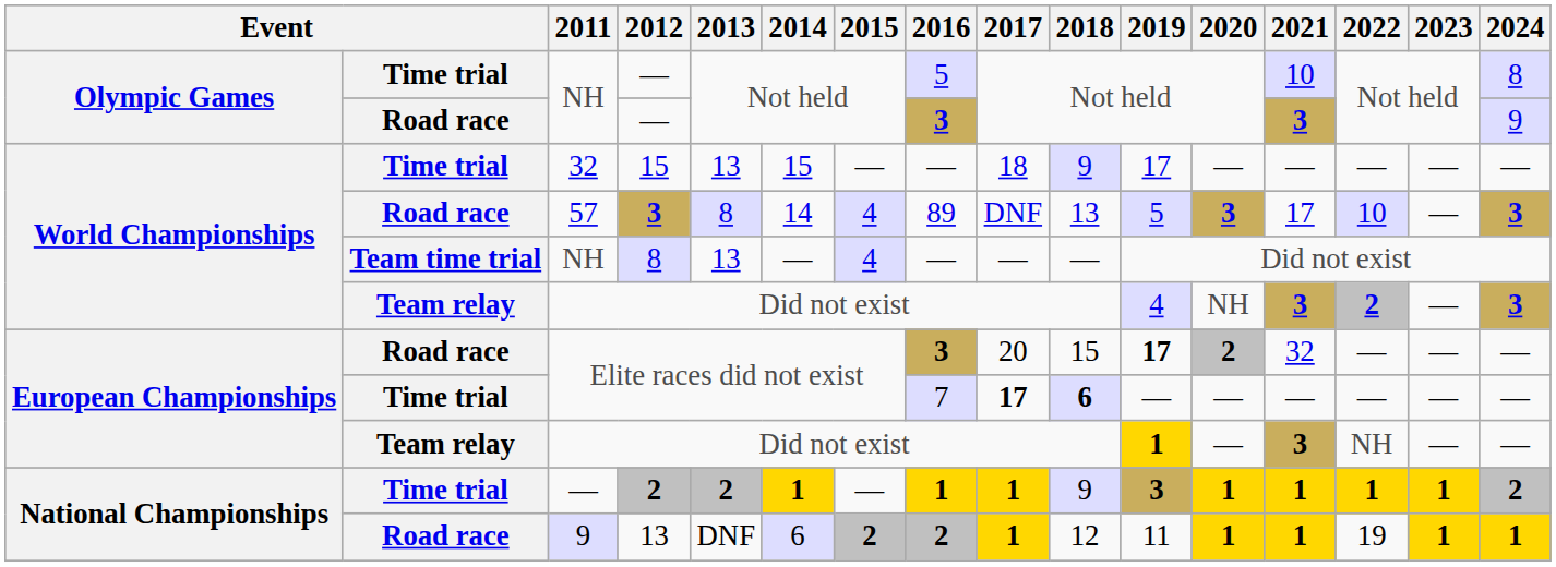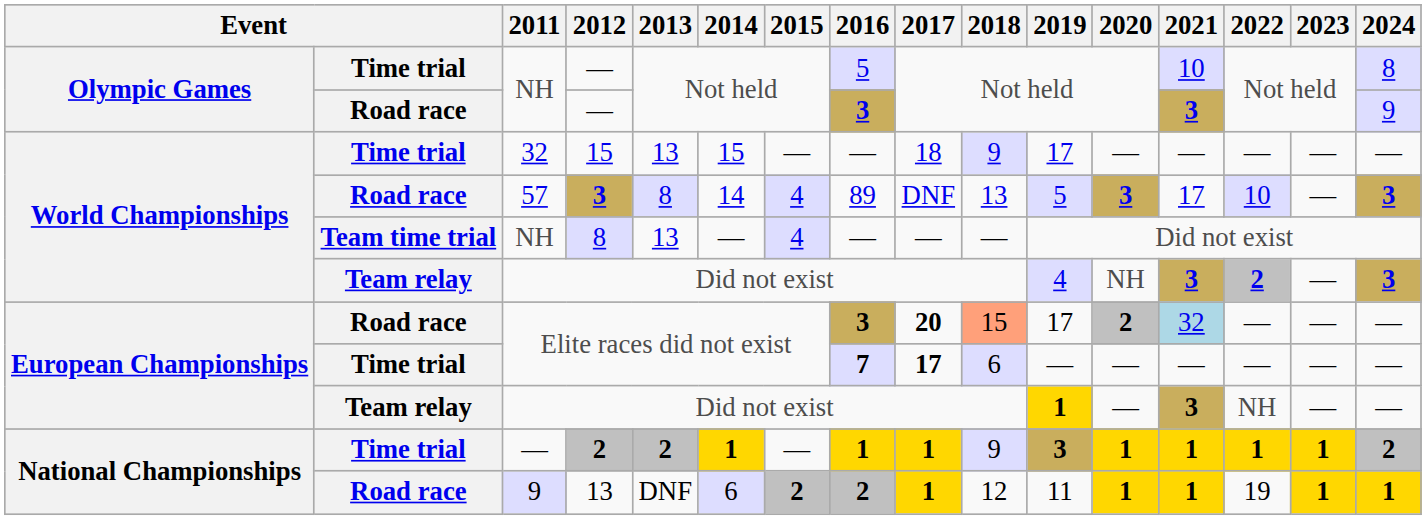 <table class="wikitable plainrowheaders">
 <tr>
 <th scope="col" colspan=2>Event</th>
 <th>2011</th>
 <th>2012</th>
 <th>2013</th>
 <th>2014</th>
 <th>2015</th>
 <th>2016</th>
 <th>2017</th>
 <th>2018</th>
 <th>2019</th>
 <th>2020</th>
 <th>2021</th>
 <th>2022</th>
 <th>2023</th>
 <th>2024</th>
 </tr>
 <tr style="text-align:center;">
 <th scope="row" rowspan=2> <a href='#'>Olympic Games</a></th>
 <th scope="row">Time trial</th>
 <td style="color:#4d4d4d;" rowspan=2>NH</td>
 <td>—</td>
 <td style="color:#4d4d4d;" rowspan=2 colspan=3>Not held</td>
 <td style="background:#ddf;"><a href='#'>5</a></td>
 <td style="color:#4d4d4d;" rowspan=2 colspan=4>Not held</td>
 <td style="background:#ddf;"><a href='#'>10</a></td>
 <td style="color:#4d4d4d;" rowspan=2 colspan=2>Not held</td>
 <td style="background:#ddf;"><a href='#'>8</a></td>
 </tr>
 <tr style="text-align:center;">
 <th scope="row">Road race</th>
 <td>—</td>
 <th style="background:#C9AE5D;"><a href='#'>3</a></th>
 <th style="background:#C9AE5D;"><a href='#'>3</a></th>
 <td style="background:#ddf;"><a href='#'>9</a></td>
 </tr>
 <tr style="text-align:center;">
 <th scope="row" rowspan=4> <a href='#'>World Championships</a></th>
 <th scope="row"><a href='#'>Time trial</a></th>
 <td><a href='#'>32</a></td>
 <td><a href='#'>15</a></td>
 <td><a href='#'>13</a></td>
 <td><a href='#'>15</a></td>
 <td>—</td>
 <td>—</td>
 <td><a href='#'>18</a></td>
 <td style="background:#ddf;"><a href='#'>9</a></td>
 <td><a href='#'>17</a></td>
 <td>—</td>
 <td>—</td>
 <td>—</td>
 <td>—</td>
 <td>—</td>
 </tr>
 <tr style="text-align:center;">
 <th scope="row"><a href='#'>Road race</a></th>
 <td><a href='#'>57</a></td>
 <th style="background:#C9AE5D;"><a href='#'>3</a></th>
 <td style="background:#ddf;"><a href='#'>8</a></td>
 <td><a href='#'>14</a></td>
 <td style="background:#ddf;"><a href='#'>4</a></td>
 <td><a href='#'>89</a></td>
 <td><a href='#'>DNF</a></td>
 <td><a href='#'>13</a></td>
 <td style="background:#ddf;"><a href='#'>5</a></td>
 <th style="background:#C9AE5D;"><a href='#'>3</a></th>
 <td><a href='#'>17</a></td>
 <td style="background:#ddf;"><a href='#'>10</a></td>
 <td>—</td>
 <th style="background:#C9AE5D;"><a href='#'>3</a></th>
 </tr>
 <tr style="text-align:center;">
 <th scope="row"><a href='#'>Team time trial</a></th>
 <td style="color:#4d4d4d;">NH</td>
 <td style="background:#ddf;"><a href='#'>8</a></td>
 <td><a href='#'>13</a></td>
 <td>—</td>
 <td style="background:#ddf;"><a href='#'>4</a></td>
 <td>—</td>
 <td>—</td>
 <td>—</td>
 <td style="color:#4d4d4d;" colspan=6>Did not exist</td>
 </tr>
 <tr style="text-align:center;">
 <th scope="row"><a href='#'>Team relay</a></th>
 <td style="color:#4d4d4d;" colspan=8>Did not exist</td>
 <td style="background:#ddf;"><a href='#'>4</a></td>
 <td style="color:#4d4d4d;">NH</td>
 <th style="background:#C9AE5D;"><a href='#'>3</a></th>
 <th style="background:silver;"><a href='#'>2</a></th>
 <td>—</td>
 <th style="background:#C9AE5D;"><a href='#'>3</a></th>
 </tr>
 <tr style="text-align:center;">
 <th scope="row" rowspan=3> <a href='#'>European Championships</a></th>
 <th scope="row">Road race</th>
 <td style="color:#4d4d4d;" colspan=5 rowspan=2>Elite races did not exist</td>
 <th style="background:#C9AE5D;">3</th>
-<td>20</td>
-<td>15</td>
-<td><strong>17</strong></td>
+<td><strong>20</strong></td>
+<td style="background: lightsalmon;">15</td>
+<td>17</td>
 <th style="background:silver;">2</th>
-<td><a href='#'>32</a></td>
+<td style="background: lightblue;"><a href='#'>32</a></td>
 <td>—</td>
 <td>—</td>
 <td>—</td>
 </tr>
 <tr style="text-align:center;">
 <th scope="row">Time trial</th>
-<td style="background:#ddf;">7</td>
+<td style="background:#ddf;"><strong>7</strong></td>
 <td><strong>17</strong></td>
-<td style="background:#ddf;"><strong>6</strong></td>
+<td style="background:#ddf;">6</td>
 <td>—</td>
 <td>—</td>
 <td>—</td>
 <td>—</td>
 <td>—</td>
 <td>—</td>
 </tr>
 <tr style="text-align:center;">
 <th scope="row">Team relay</th>
 <td style="color:#4d4d4d;" colspan=8>Did not exist</td>
 <th style="background:gold;">1</th>
 <td>—</td>
 <th style="background:#C9AE5D;">3</th>
 <td style="color:#4d4d4d;">NH</td>
 <td>—</td>
 <td>—</td>
 </tr>
 <tr style="text-align:center;">
 <th scope="row" rowspan=2> National Championships</th>
 <th scope="row"><a href='#'>Time trial</a></th>
 <td>—</td>
 <th style="background:silver;">2</th>
 <th style="background:silver;">2</th>
 <th style="background:gold;">1</th>
 <td>—</td>
 <th style="background:gold;">1</th>
 <th style="background:gold;">1</th>
 <td style="background:#ddf;">9</td>
 <th style="background:#C9AE5D;">3</th>
 <th style="background:gold;">1</th>
 <th style="background:gold;">1</th>
 <th style="background:gold;">1</th>
 <th style="background:gold;">1</th>
 <th style="background:silver;">2</th>
 </tr>
 <tr style="text-align:center;">
 <th scope="row"><a href='#'>Road race</a></th>
 <td style="background:#ddf;">9</td>
 <td>13</td>
 <td>DNF</td>
 <td style="background:#ddf;">6</td>
 <th style="background:silver;">2</th>
 <th style="background:silver;">2</th>
 <th style="background:gold;">1</th>
 <td>12</td>
 <td>11</td>
 <th style="background:gold;">1</th>
 <th style="background:gold;">1</th>
 <td>19</td>
 <th style="background:gold;">1</th>
 <th style="background:gold;">1</th>
 </tr>
 </table>
